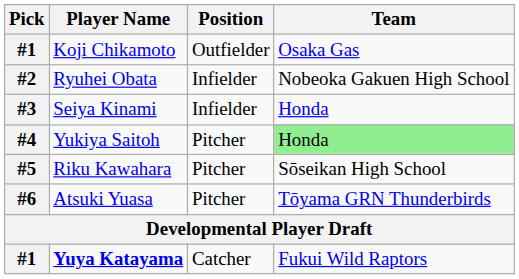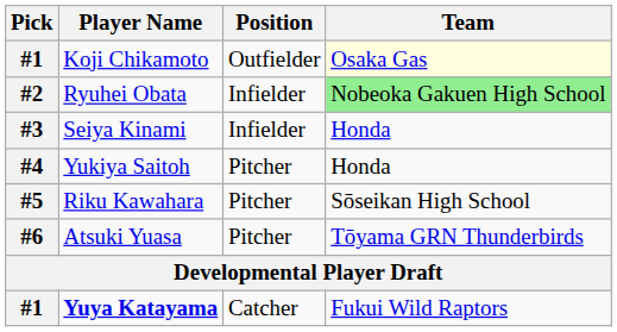 <table class="wikitable">
 <tr>
 <th>Pick</th>
 <th>Player Name</th>
 <th>Position</th>
 <th>Team</th>
 </tr>
 <tr>
 <th>#1</th>
 <td><a href='#'>Koji Chikamoto</a></td>
 <td>Outfielder</td>
-<td><a href='#'>Osaka Gas</a></td>
+<td style="background: lightyellow;"><a href='#'>Osaka Gas</a></td>
 </tr>
 <tr>
 <th>#2</th>
 <td><a href='#'>Ryuhei Obata</a></td>
 <td>Infielder</td>
-<td>Nobeoka Gakuen High School</td>
+<td style="background: lightgreen;">Nobeoka Gakuen High School</td>
 </tr>
 <tr>
 <th>#3</th>
 <td><a href='#'>Seiya Kinami</a></td>
 <td>Infielder</td>
 <td><a href='#'>Honda</a></td>
 </tr>
 <tr>
 <th>#4</th>
 <td><a href='#'>Yukiya Saitoh</a></td>
 <td>Pitcher</td>
-<td style="background: lightgreen;">Honda</td>
+<td>Honda</td>
 </tr>
 <tr>
 <th>#5</th>
 <td><a href='#'>Riku Kawahara</a></td>
 <td>Pitcher</td>
 <td>Sōseikan High School</td>
 </tr>
 <tr>
 <th>#6</th>
 <td><a href='#'>Atsuki Yuasa</a></td>
 <td>Pitcher</td>
 <td><a href='#'>Tōyama GRN Thunderbirds</a></td>
 </tr>
 <tr>
 <th colspan="5">Developmental Player Draft</th>
 </tr>
 <tr>
 <th>#1</th>
 <td><strong><a href='#'>Yuya Katayama</a></strong></td>
 <td>Catcher</td>
 <td><a href='#'>Fukui Wild Raptors</a></td>
 </tr>
 </table>
